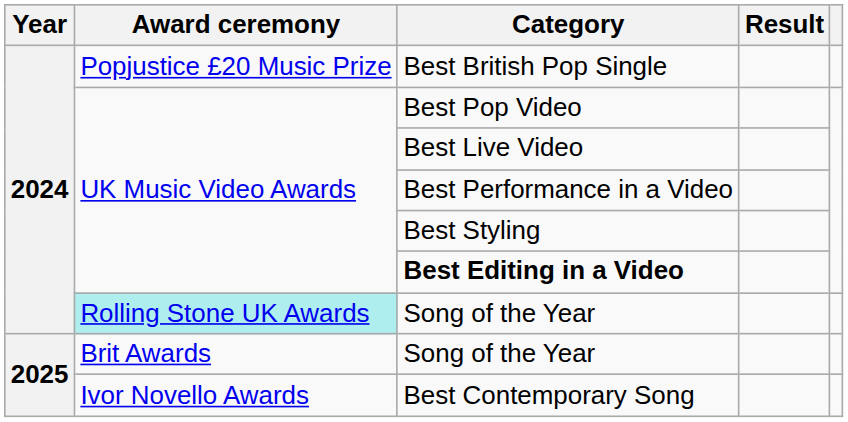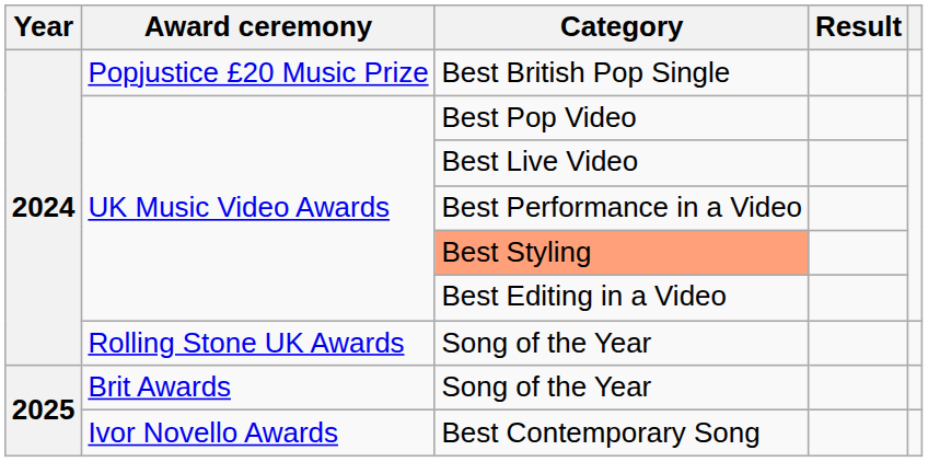 <table class="wikitable sortable plainrowheaders">
 <tr>
 <th scope="col">Year</th>
 <th scope="col">Award ceremony</th>
 <th scope="col">Category</th>
 <th scope="col">Result</th>
 <th scope="col" class="unsortable"></th>
 </tr>
 <tr>
 <th scope="row" rowspan="7">2024</th>
 <td><a href='#'>Popjustice £20 Music Prize</a></td>
 <td>Best British Pop Single</td>
 <td></td>
 <td align=center></td>
 </tr>
 <tr>
 <td rowspan="5"><a href='#'>UK Music Video Awards</a></td>
 <td>Best Pop Video</td>
 <td></td>
 <td align="center" rowspan="5"></td>
 </tr>
 <tr>
 <td>Best Live Video</td>
 <td></td>
 </tr>
 <tr>
 <td>Best Performance in a Video</td>
 <td></td>
 </tr>
 <tr>
-<td>Best Styling</td>
+<td style="background: lightsalmon;">Best Styling</td>
 <td></td>
 </tr>
 <tr>
-<td><strong>Best Editing in a Video</strong></td>
+<td>Best Editing in a Video</td>
 <td></td>
 </tr>
 <tr>
-<td style="background: paleturquoise;"><a href='#'>Rolling Stone UK Awards</a></td>
+<td><a href='#'>Rolling Stone UK Awards</a></td>
 <td>Song of the Year</td>
 <td></td>
 <td align=center></td>
 </tr>
 <tr>
 <th scope="row" rowspan="2">2025</th>
 <td><a href='#'>Brit Awards</a></td>
 <td>Song of the Year</td>
 <td></td>
 <td align=center></td>
 </tr>
 <tr>
 <td><a href='#'>Ivor Novello Awards</a></td>
 <td>Best Contemporary Song</td>
 <td></td>
 <td align=center></td>
 </tr>
 </table>
